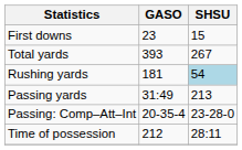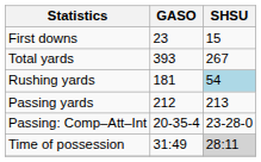 <table class="wikitable" style="float: left;">
 <tr>
 <th>Statistics</th>
 <th>GASO</th>
 <th>SHSU</th>
 </tr>
 <tr>
 <td>First downs</td>
 <td>23</td>
 <td>15</td>
 </tr>
 <tr>
 <td>Total yards</td>
 <td>393</td>
 <td>267</td>
 </tr>
 <tr>
 <td>Rushing yards</td>
 <td>181</td>
 <td style="background: lightblue;">54</td>
 </tr>
 <tr>
 <td>Passing yards</td>
-<td>31:49</td>
+<td>212</td>
 <td>213</td>
 </tr>
 <tr>
 <td>Passing: Comp–Att–Int</td>
 <td>20-35-4</td>
 <td>23-28-0</td>
 </tr>
 <tr>
 <td>Time of possession</td>
-<td>212</td>
-<td>28:11</td>
+<td>31:49</td>
+<td style="background: lightgrey;">28:11</td>
 </tr>
 <tr>
 </tr>
 </table>
